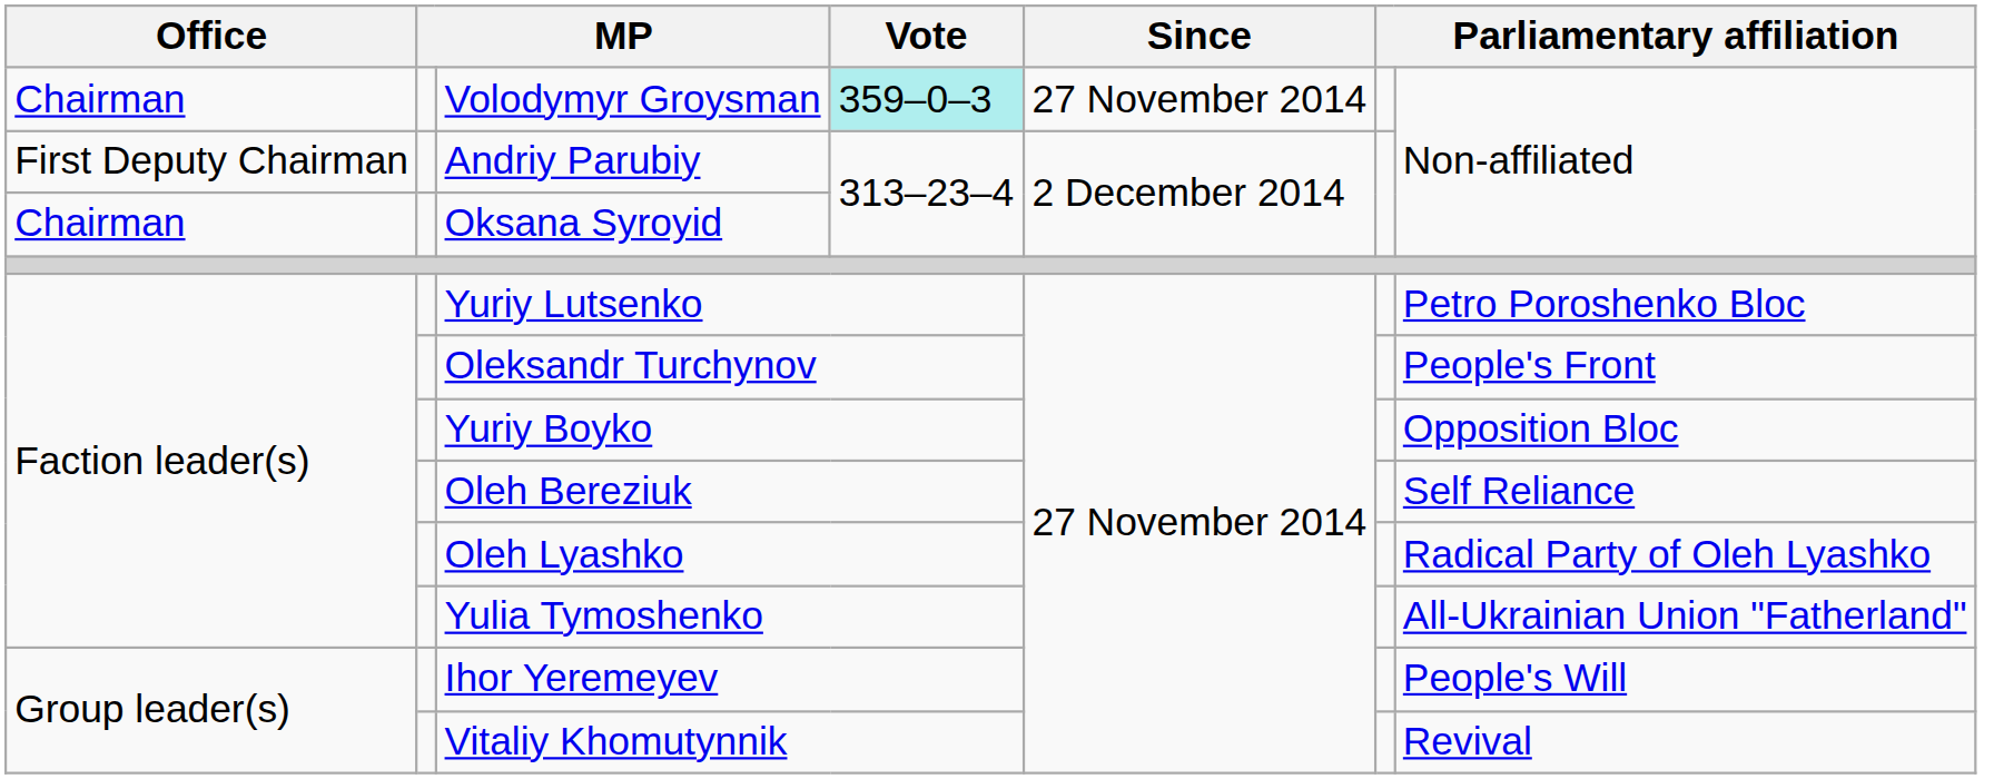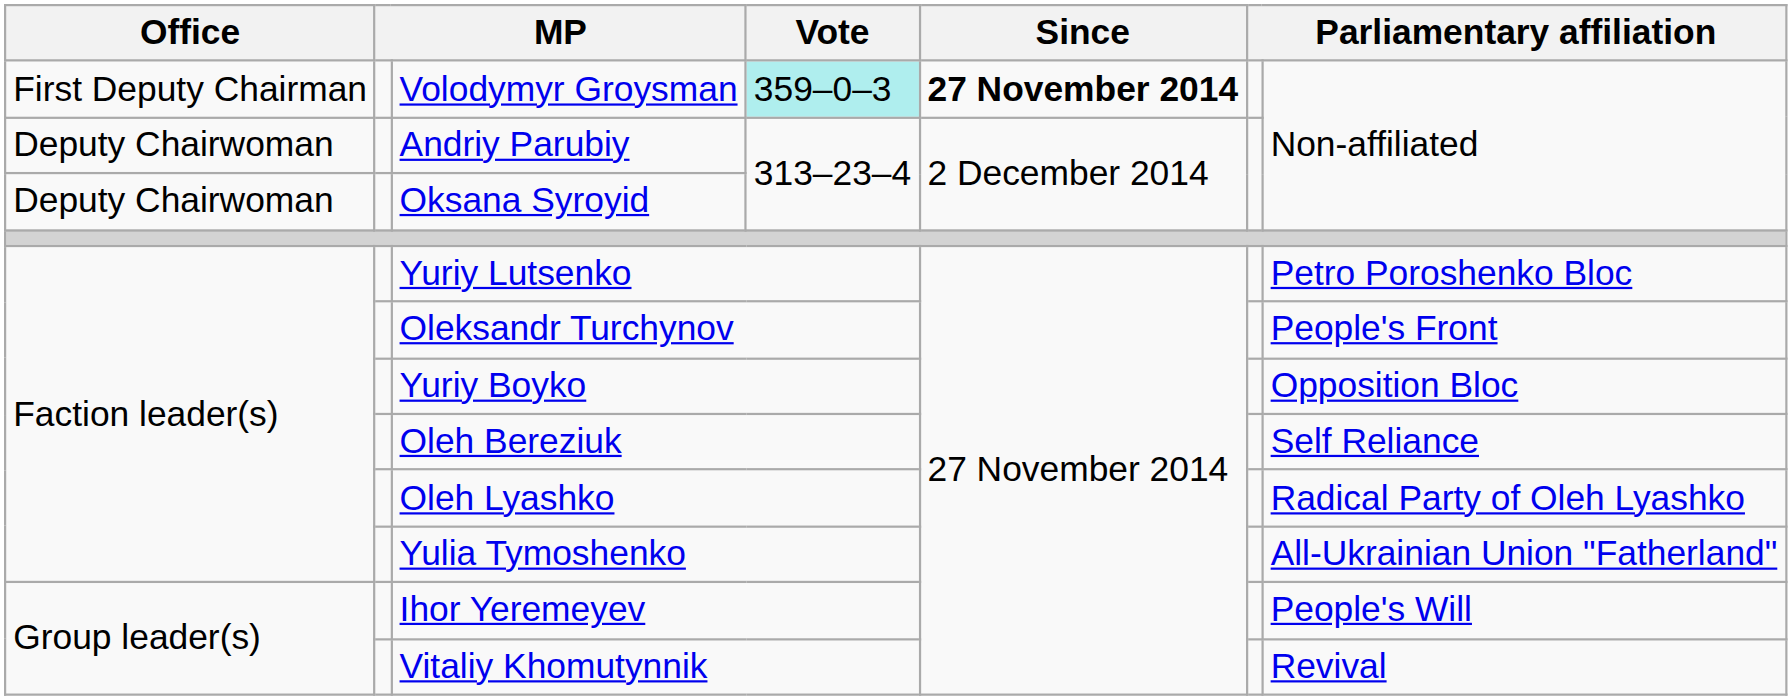 <table class=wikitable>
 <tr>
 <th>Office</th>
 <th colspan=2>MP</th>
 <th>Vote</th>
 <th>Since</th>
 <th colspan=2>Parliamentary affiliation</th>
 </tr>
 <tr>
-<td><a href='#'>Chairman</a></td>
+<td>First Deputy Chairman</td>
 <td style="background-color:"></td>
 <td><a href='#'>Volodymyr Groysman</a></td>
 <td style="background: paleturquoise;">359–0–3</td>
-<td>27 November 2014</td>
+<td><strong>27 November 2014</strong></td>
 <td style="background-color:"></td>
 <td rowspan=3>Non-affiliated</td>
 </tr>
 <tr>
-<td>First Deputy Chairman</td>
+<td>Deputy Chairwoman</td>
 <td style="background-color:"></td>
 <td><a href='#'>Andriy Parubiy</a></td>
 <td rowspan=2>313–23–4</td>
 <td rowspan=2>2 December 2014</td>
 </tr>
 <tr>
-<td><a href='#'>Chairman</a></td>
+<td>Deputy Chairwoman</td>
 <td style="background-color:"></td>
 <td><a href='#'>Oksana Syroyid</a></td>
 </tr>
 <tr>
 <td colspan=7; bgcolor="lightgrey"></td>
 </tr>
 <tr>
 <td rowspan=6>Faction leader(s)</td>
 <td style="background-color:"></td>
 <td colspan=2><a href='#'>Yuriy Lutsenko</a></td>
 <td rowspan=8>27 November 2014</td>
 <td style="background-color:"></td>
 <td><a href='#'>Petro Poroshenko Bloc</a></td>
 </tr>
 <tr>
 <td style="background-color:"></td>
 <td colspan=2><a href='#'>Oleksandr Turchynov</a></td>
 <td style="background-color:"></td>
 <td><a href='#'>People's Front</a></td>
 </tr>
 <tr>
 <td style="background-color:"></td>
 <td colspan=2><a href='#'>Yuriy Boyko</a></td>
 <td style="background-color:"></td>
 <td><a href='#'>Opposition Bloc</a></td>
 </tr>
 <tr>
 <td style="background-color:"></td>
 <td colspan=2><a href='#'>Oleh Bereziuk</a></td>
 <td style="background-color:"></td>
 <td><a href='#'>Self Reliance</a></td>
 </tr>
 <tr>
 <td style="background-color:"></td>
 <td colspan=2><a href='#'>Oleh Lyashko</a></td>
 <td style="background-color:"></td>
 <td><a href='#'>Radical Party of Oleh Lyashko</a></td>
 </tr>
 <tr>
 <td style="background-color:"></td>
 <td colspan=2><a href='#'>Yulia Tymoshenko</a></td>
 <td style="background-color:"></td>
 <td><a href='#'>All-Ukrainian Union "Fatherland"</a></td>
 </tr>
 <tr>
 <td rowspan=2>Group leader(s)</td>
 <td style="background-color:"></td>
 <td colspan=2><a href='#'>Ihor Yeremeyev</a></td>
 <td style="background-color:"></td>
 <td><a href='#'>People's Will</a></td>
 </tr>
 <tr>
 <td style="background-color:"></td>
 <td colspan=2><a href='#'>Vitaliy Khomutynnik</a></td>
 <td style="background-color:"></td>
 <td><a href='#'>Revival</a></td>
 </tr>
 </table>
